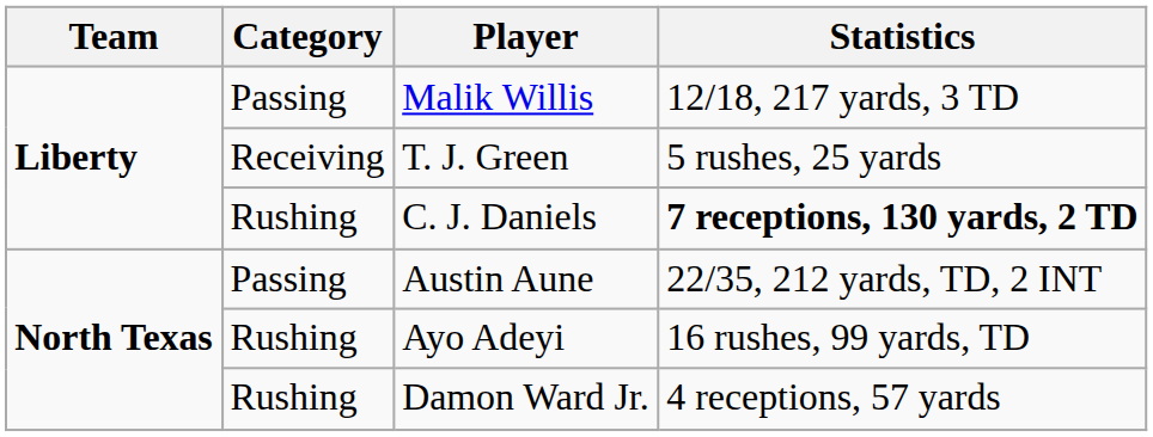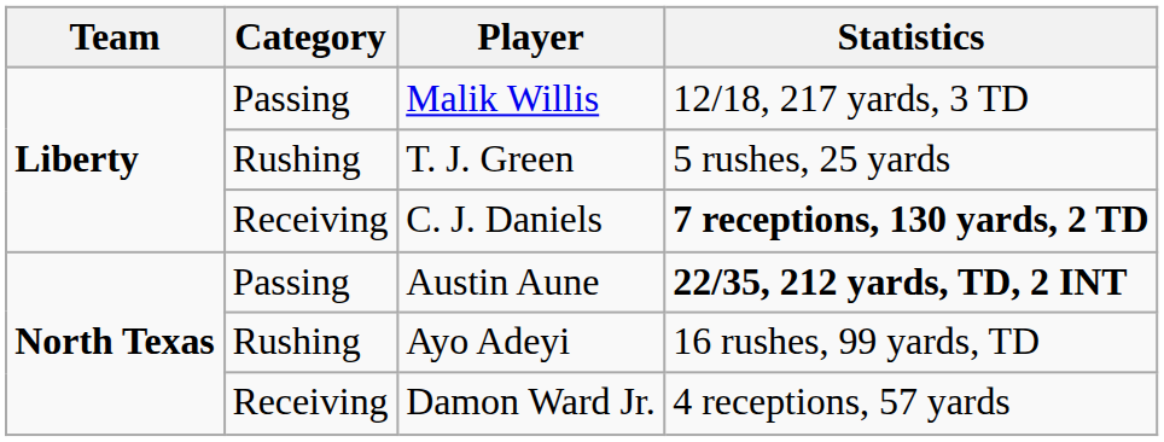 <table class="wikitable" style="float: left;">
 <tr>
 <th>Team</th>
 <th>Category</th>
 <th>Player</th>
 <th>Statistics</th>
 </tr>
 <tr>
 <td rowspan=3><strong>Liberty</strong></td>
 <td>Passing</td>
 <td><a href='#'>Malik Willis</a></td>
 <td>12/18, 217 yards, 3 TD</td>
 </tr>
 <tr>
-<td>Receiving</td>
+<td>Rushing</td>
 <td>T. J. Green</td>
 <td>5 rushes, 25 yards</td>
 </tr>
 <tr>
-<td>Rushing</td>
+<td>Receiving</td>
 <td>C. J. Daniels</td>
 <td><strong>7 receptions, 130 yards, 2 TD</strong></td>
 </tr>
 <tr>
 <td rowspan=3><strong>North Texas</strong></td>
 <td>Passing</td>
 <td>Austin Aune</td>
-<td>22/35, 212 yards, TD, 2 INT</td>
+<td><strong>22/35, 212 yards, TD, 2 INT</strong></td>
 </tr>
 <tr>
 <td>Rushing</td>
 <td>Ayo Adeyi</td>
 <td>16 rushes, 99 yards, TD</td>
 </tr>
 <tr>
-<td>Rushing</td>
+<td>Receiving</td>
 <td>Damon Ward Jr.</td>
 <td>4 receptions, 57 yards</td>
 </tr>
 </table>
